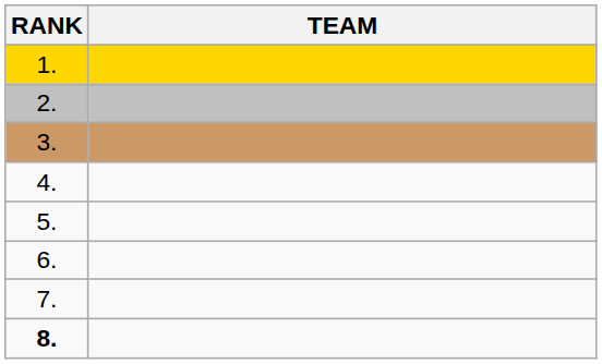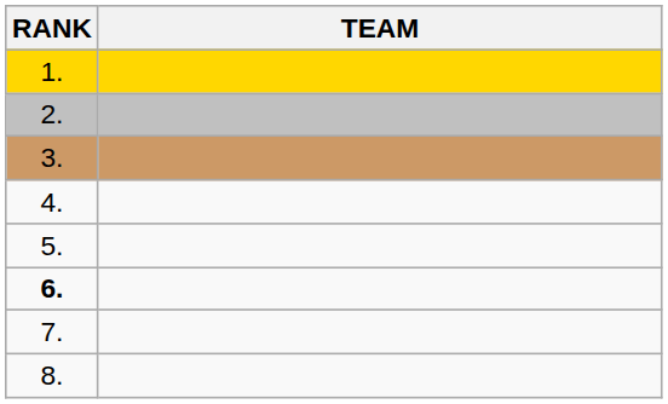 <table class="wikitable" style="border-collapse: collapse; font-size: 90%;">
 <tr>
 <th>RANK</th>
 <th align="center" style="width: 20em">TEAM</th>
 </tr>
 <tr bgcolor=gold>
 <td align="center">1.</td>
 <td></td>
 </tr>
 <tr bgcolor=silver>
 <td align="center">2.</td>
 <td></td>
 </tr>
 <tr bgcolor=#cc9966>
 <td align="center">3.</td>
 <td></td>
 </tr>
 <tr>
 <td align="center">4.</td>
 <td></td>
 </tr>
 <tr>
 <td align="center">5.</td>
 <td></td>
 </tr>
 <tr>
-<td align="center">6.</td>
+<td align="center"><strong>6.</strong></td>
 <td></td>
 </tr>
 <tr>
 <td align="center">7.</td>
 <td></td>
 </tr>
 <tr>
-<td align="center"><strong>8.</strong></td>
+<td align="center">8.</td>
 <td></td>
 </tr>
 </table>
